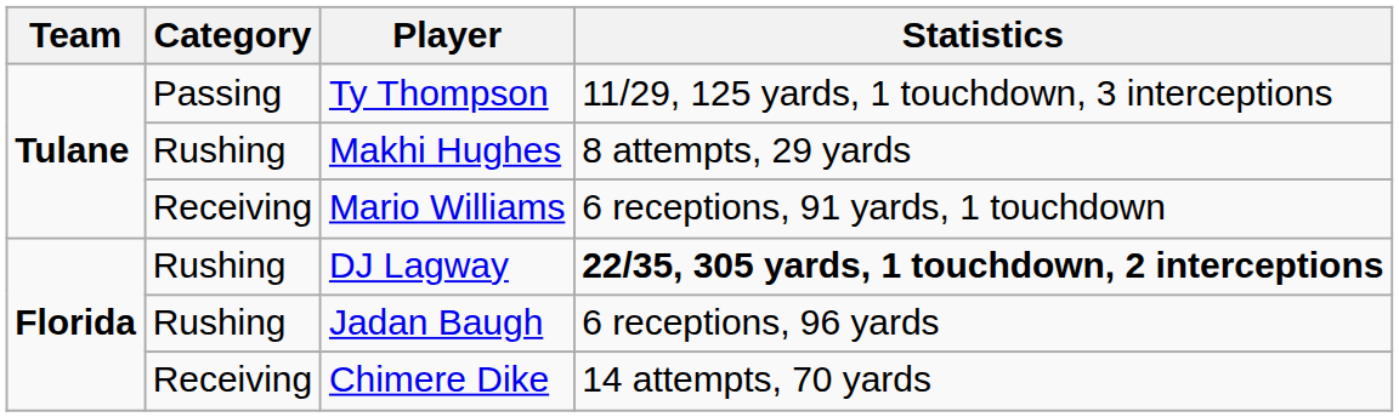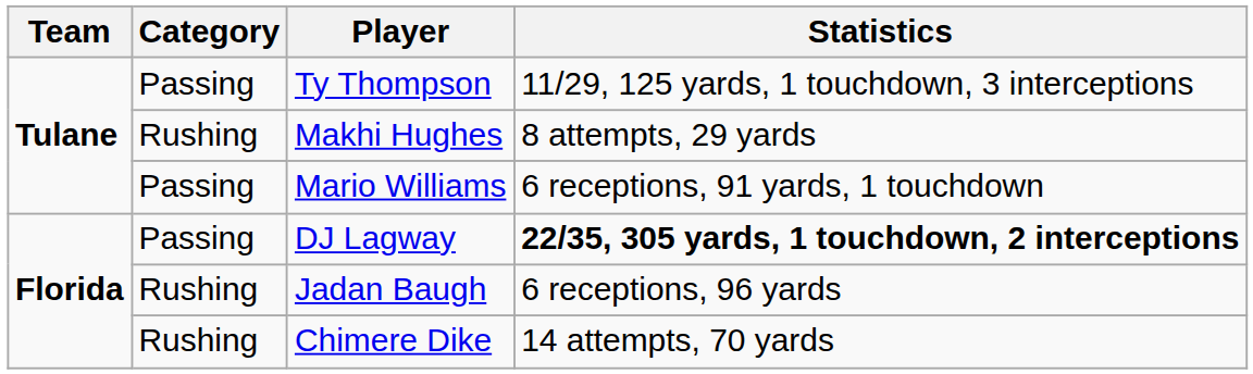 <table class="wikitable" style="float: right;">
 <tr>
 <th>Team</th>
 <th>Category</th>
 <th>Player</th>
 <th>Statistics</th>
 </tr>
 <tr>
 <td rowspan=3><strong>Tulane</strong></td>
 <td>Passing</td>
 <td><a href='#'>Ty Thompson</a></td>
 <td>11/29, 125 yards, 1 touchdown, 3 interceptions</td>
 </tr>
 <tr>
 <td>Rushing</td>
 <td><a href='#'>Makhi Hughes</a></td>
 <td>8 attempts, 29 yards</td>
 </tr>
 <tr>
-<td>Receiving</td>
+<td>Passing</td>
 <td><a href='#'>Mario Williams</a></td>
 <td>6 receptions, 91 yards, 1 touchdown</td>
 </tr>
 <tr>
 <td rowspan=3><strong>Florida</strong></td>
-<td>Rushing</td>
+<td>Passing</td>
 <td><a href='#'>DJ Lagway</a></td>
 <td><strong>22/35, 305 yards, 1 touchdown, 2 interceptions</strong></td>
 </tr>
 <tr>
 <td>Rushing</td>
 <td><a href='#'>Jadan Baugh</a></td>
 <td>6 receptions, 96 yards</td>
 </tr>
 <tr>
-<td>Receiving</td>
+<td>Rushing</td>
 <td><a href='#'>Chimere Dike</a></td>
 <td>14 attempts, 70 yards</td>
 </tr>
 </table>
